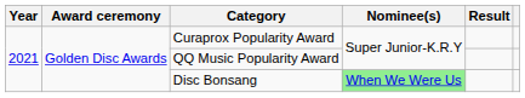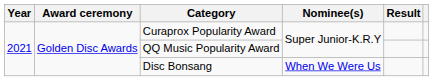 <table class="wikitable sortable">
 <tr>
 <th>Year</th>
 <th>Award ceremony</th>
 <th>Category</th>
 <th>Nominee(s)</th>
 <th>Result</th>
 <th></th>
 </tr>
 <tr>
 <td rowspan="3"><a href='#'>2021</a></td>
 <td rowspan="3"><a href='#'>Golden Disc Awards</a></td>
 <td>Curaprox Popularity Award</td>
 <td align=center rowspan="2">Super Junior-K.R.Y</td>
 <td></td>
 <td></td>
 </tr>
 <tr>
 <td>QQ Music Popularity Award</td>
 <td></td>
 <td></td>
 </tr>
 <tr>
 <td>Disc Bonsang</td>
-<td align=center style="background: lightgreen;"><a href='#'>When We Were Us</a></td>
+<td align=center><a href='#'>When We Were Us</a></td>
 <td></td>
 <td></td>
 </tr>
 </table>
